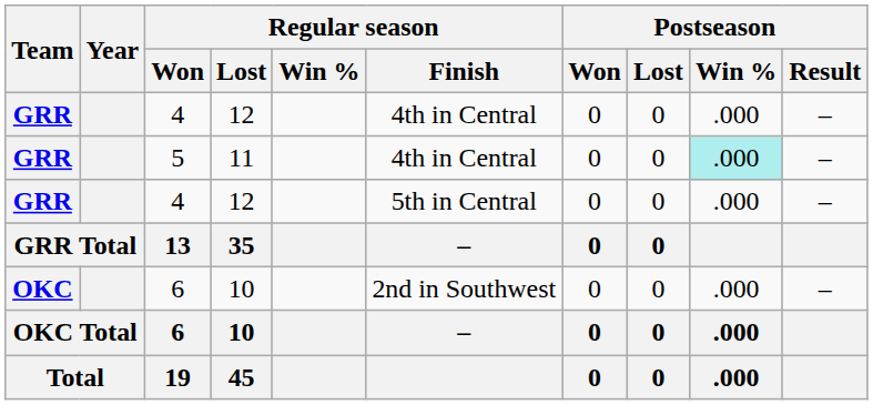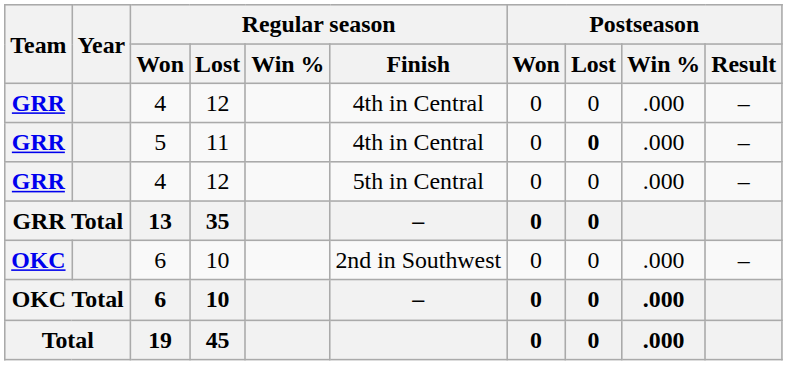 <table class="wikitable" style="font-size: 95%; text-align:center;">
 <tr>
 <th rowspan="2">Team</th>
 <th rowspan="2">Year</th>
 <th colspan="4">Regular season</th>
 <th colspan="4">Postseason</th>
 </tr>
 <tr>
 <th>Won</th>
 <th>Lost</th>
 <th>Win %</th>
 <th>Finish</th>
 <th>Won</th>
 <th>Lost</th>
 <th>Win %</th>
 <th>Result</th>
 </tr>
 <tr>
 <th><a href='#'>GRR</a></th>
 <th></th>
 <td>4</td>
 <td>12</td>
 <td></td>
 <td>4th in Central</td>
 <td>0</td>
 <td>0</td>
 <td>.000</td>
 <td>–</td>
 </tr>
 <tr>
 <th><a href='#'>GRR</a></th>
 <th></th>
 <td>5</td>
 <td>11</td>
 <td></td>
 <td>4th in Central</td>
 <td>0</td>
-<td>0</td>
-<td style="background: paleturquoise;">.000</td>
+<td><strong>0</strong></td>
+<td>.000</td>
 <td>–</td>
 </tr>
 <tr>
 <th><a href='#'>GRR</a></th>
 <th></th>
 <td>4</td>
 <td>12</td>
 <td></td>
 <td>5th in Central</td>
 <td>0</td>
 <td>0</td>
 <td>.000</td>
 <td>–</td>
 </tr>
 <tr>
 <th colspan="2">GRR Total</th>
 <th>13</th>
 <th>35</th>
 <th></th>
 <th>–</th>
 <th>0</th>
 <th>0</th>
 <th></th>
 <th></th>
 </tr>
 <tr>
 <th><a href='#'>OKC</a></th>
 <th></th>
 <td>6</td>
 <td>10</td>
 <td></td>
 <td>2nd in Southwest</td>
 <td>0</td>
 <td>0</td>
 <td>.000</td>
 <td>–</td>
 </tr>
 <tr>
 <th colspan="2">OKC Total</th>
 <th>6</th>
 <th>10</th>
 <th></th>
 <th>–</th>
 <th>0</th>
 <th>0</th>
 <th>.000</th>
 <th></th>
 </tr>
 <tr>
 <th colspan="2">Total</th>
 <th>19</th>
 <th>45</th>
 <th></th>
 <th></th>
 <th>0</th>
 <th>0</th>
 <th>.000</th>
 <th></th>
 </tr>
 </table>
